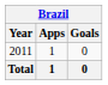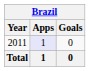 <table class="wikitable" style="text-align:center">
 <tr>
 <th colspan=3><a href='#'>Brazil</a></th>
 </tr>
 <tr>
 <th>Year</th>
 <th>Apps</th>
 <th>Goals</th>
 </tr>
 <tr>
 <td>2011</td>
-<td>1</td>
+<td style="background: lavender;">1</td>
 <td>0</td>
 </tr>
 <tr>
 <th>Total</th>
 <th>1</th>
 <th>0</th>
 </tr>
 </table>
